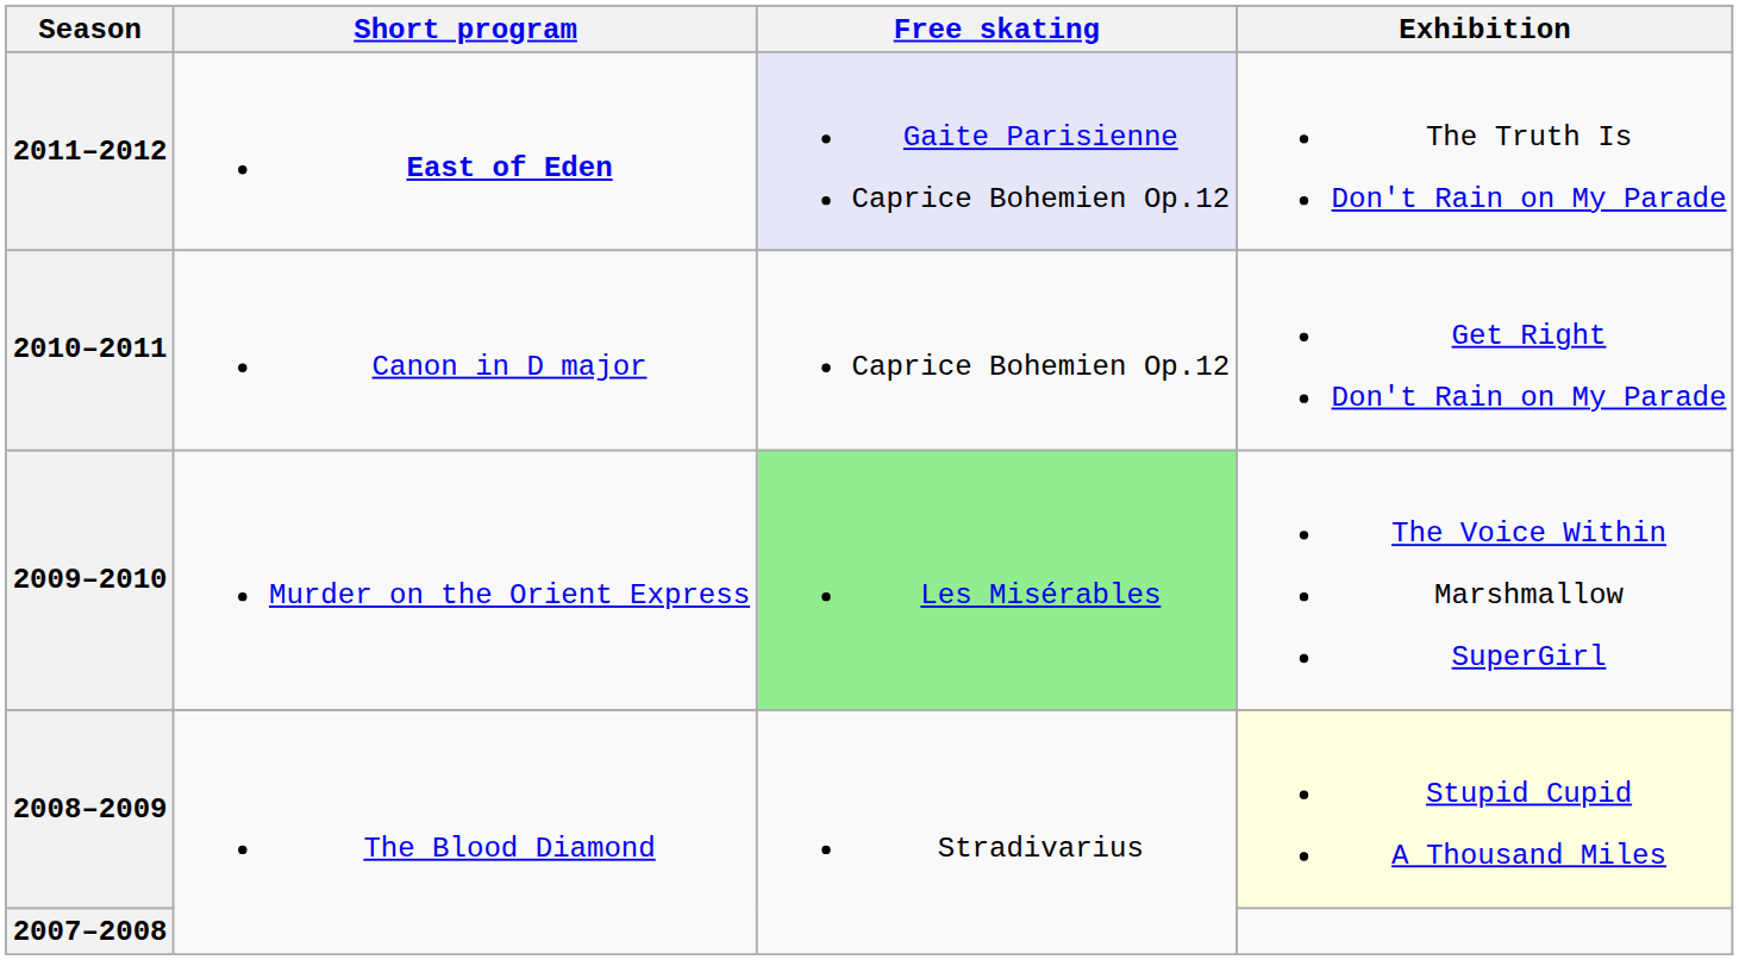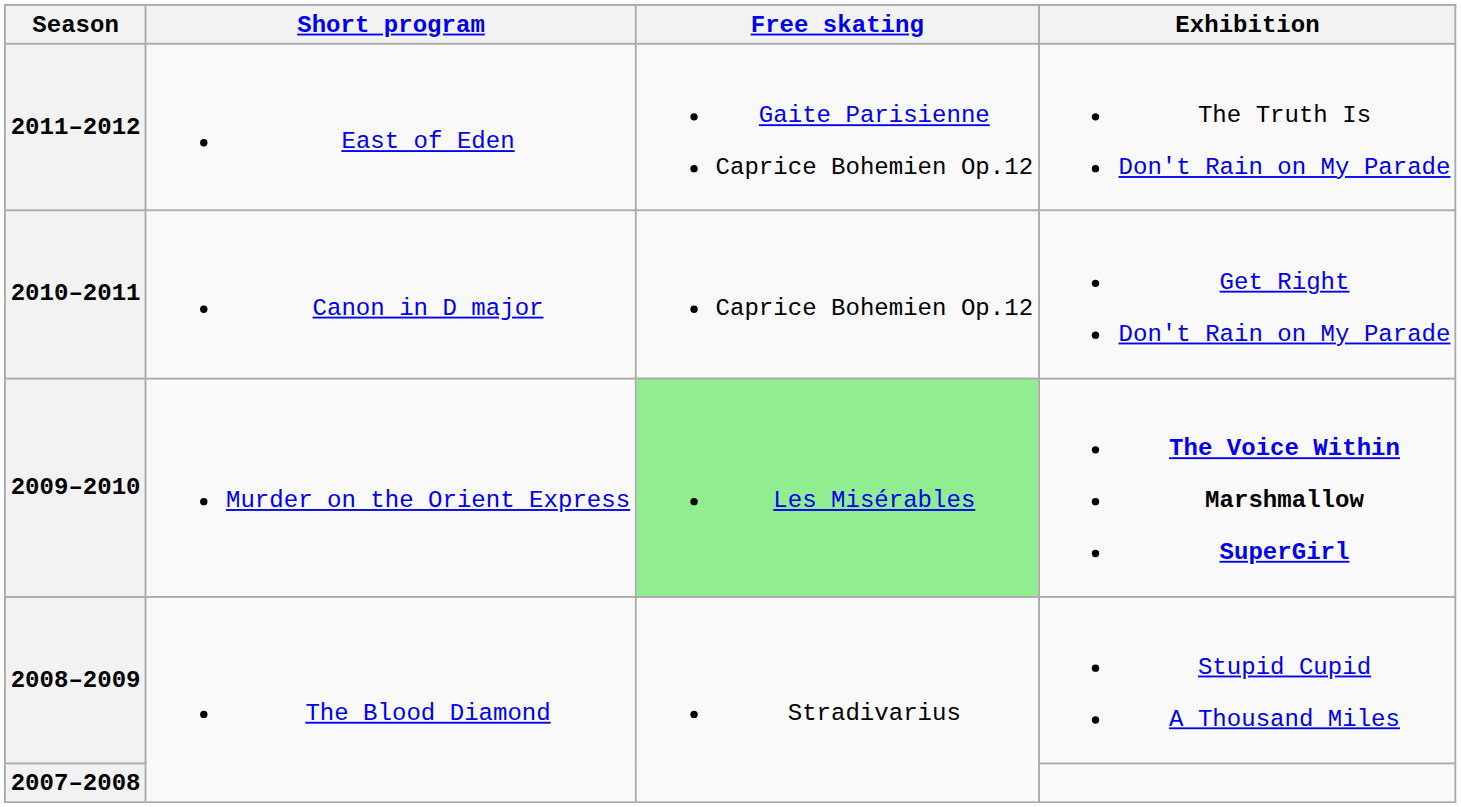 <table class="wikitable" style="text-align:center">
 <tr>
 <th>Season</th>
 <th><a href='#'>Short program</a></th>
 <th><a href='#'>Free skating</a></th>
 <th>Exhibition</th>
 </tr>
 <tr>
 <th>2011–2012 <br></th>
-<td><strong><br><ul><li><a href='#'>East of Eden</a> <br></li></ul></strong></td>
-<td style="background: lavender;"><br><ul><li><a href='#'>Gaite Parisienne</a> <br></li></ul><ul><li>Caprice Bohemien Op.12 <br></li></ul></td>
+<td><br><ul><li><a href='#'>East of Eden</a> <br></li></ul></td>
+<td><br><ul><li><a href='#'>Gaite Parisienne</a> <br></li></ul><ul><li>Caprice Bohemien Op.12 <br></li></ul></td>
 <td><br><ul><li>The Truth Is <br></li></ul><ul><li><a href='#'>Don't Rain on My Parade</a> <br></li></ul></td>
 </tr>
 <tr>
 <th>2010–2011 <br></th>
 <td><br><ul><li><a href='#'>Canon in D major</a> <br></li></ul></td>
 <td><br><ul><li>Caprice Bohemien Op.12 <br></li></ul></td>
 <td><br><ul><li><a href='#'>Get Right</a> <br></li></ul><ul><li><a href='#'>Don't Rain on My Parade</a> <br></li></ul></td>
 </tr>
 <tr>
 <th>2009–2010 <br></th>
 <td><br><ul><li><a href='#'>Murder on the Orient Express</a> <br></li></ul></td>
 <td style="background: lightgreen;"><br><ul><li><a href='#'>Les Misérables</a> <br></li></ul></td>
-<td><br><ul><li><a href='#'>The Voice Within</a> <br></li></ul><ul><li>Marshmallow <br> </li></ul><ul><li><a href='#'>SuperGirl</a> <br></li></ul></td>
+<td><strong><br><ul><li><a href='#'>The Voice Within</a> <br></li></ul><ul><li>Marshmallow <br> </li></ul><ul><li><a href='#'>SuperGirl</a> <br></li></ul></strong></td>
 </tr>
 <tr>
 <th>2008–2009 <br></th>
 <td rowspan=2><br><ul><li><a href='#'>The Blood Diamond</a> <br></li></ul></td>
 <td rowspan=2><br><ul><li>Stradivarius <br></li></ul></td>
-<td style="background: lightyellow;"><br><ul><li><a href='#'>Stupid Cupid</a> <br></li></ul><ul><li><a href='#'>A Thousand Miles</a> <br></li></ul></td>
+<td><br><ul><li><a href='#'>Stupid Cupid</a> <br></li></ul><ul><li><a href='#'>A Thousand Miles</a> <br></li></ul></td>
 </tr>
 <tr>
 <th>2007–2008</th>
 <td></td>
 </tr>
 </table>
